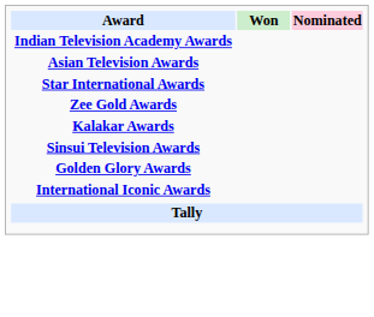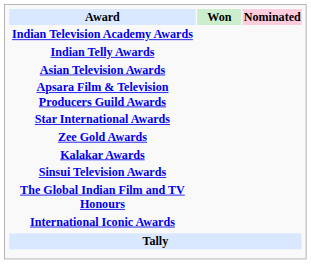 <table class="infobox" style="width: 25em; text-align: left; font-size: 90%; vertical-align: middle; text-align:center;">
 <tr bgcolor=#D9E8FF>
 <th>Award</th>
 <th style="background:#cceecc; text-size:0.9em;" width=50>Won</th>
 <th style="background: #ffccdd; text-size:0.9em;" width=50>Nominated</th>
 </tr>
 <tr>
 <td><strong><a href='#'>Indian Television Academy Awards</a></strong></td>
 <td></td>
 <td></td>
 </tr>
 <tr>
+<td><strong><a href='#'>Indian Telly Awards</a></strong></td>
+<td></td>
+<td></td>
+</tr>
+<tr>
 <td><strong><a href='#'>Asian Television Awards</a></strong></td>
+<td></td>
+<td></td>
+</tr>
+<tr>
+<td><strong><a href='#'>Apsara Film & Television Producers Guild Awards</a></strong></td>
 <td></td>
 <td></td>
 </tr>
 <tr>
 <td><strong><a href='#'>Star International Awards</a></strong></td>
 <td></td>
 <td></td>
 </tr>
 <tr>
 <td><strong><a href='#'>Zee Gold Awards</a></strong></td>
 <td></td>
 <td></td>
 </tr>
 <tr>
 <td><strong><a href='#'>Kalakar Awards</a></strong></td>
 <td></td>
 <td></td>
 </tr>
 <tr>
 <td><strong><a href='#'>Sinsui Television Awards</a></strong></td>
 <td></td>
 <td></td>
 </tr>
 <tr>
-<td><strong><a href='#'>Golden Glory Awards</a></strong></td>
+<td><strong><a href='#'>The Global Indian Film and TV Honours</a></strong></td>
 <td></td>
 <td></td>
 </tr>
 <tr>
 <td><strong><a href='#'>International Iconic Awards</a></strong></td>
 <td></td>
 <td></td>
 </tr>
 <tr>
 </tr>
 <tr bgcolor=#D9E8FF>
 <td colspan="3"><strong>Tally</strong></td>
 </tr>
 <tr>
 <td></td>
 <td></td>
 <td></td>
 </tr>
 <tr bgcolor=#D9E8FF>
 </tr>
 </table>
